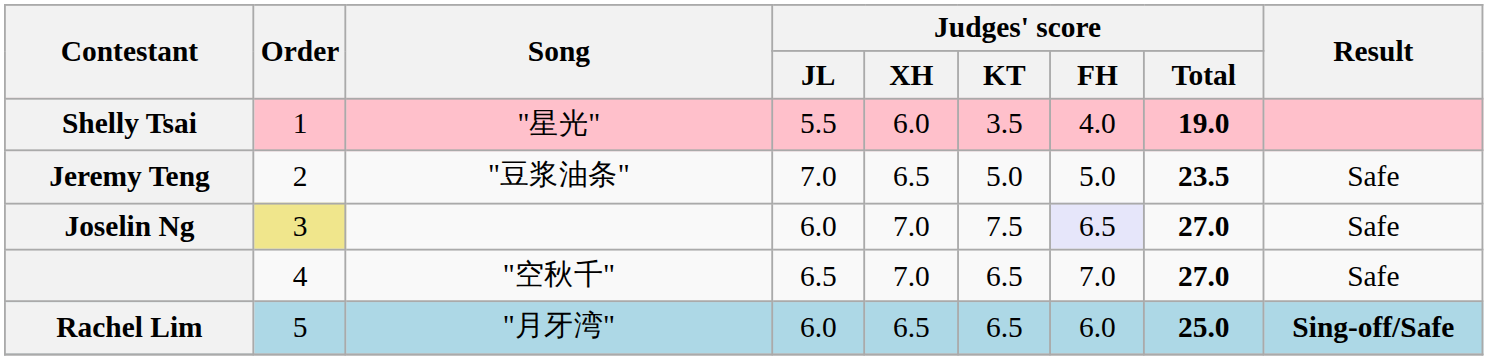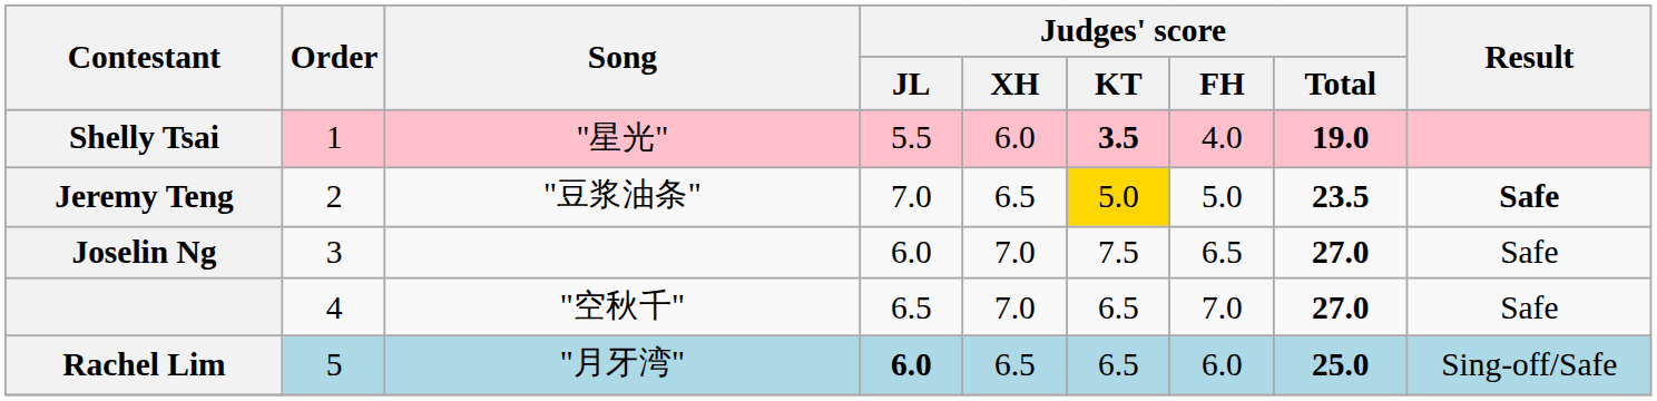 <table class="wikitable plainrowheaders" style="text-align:center;">
 <tr>
 <th rowspan=2 scope="col" style="width:8em;">Contestant</th>
 <th rowspan=2 scope="col">Order</th>
 <th rowspan=2 scope="col" style="width:14em;">Song</th>
 <th colspan=5 scope="col">Judges' score</th>
 <th rowspan=2 scope="col" style="width:7em;">Result</th>
 </tr>
 <tr>
 <th style="width:2.7em;">JL</th>
 <th style="width:2.7em;">XH</th>
 <th style="width:2.7em;">KT</th>
 <th style="width:2.7em;">FH</th>
 <th style="width:3.6em;">Total</th>
 </tr>
 <tr style="background:pink;">
 <th scope="row">Shelly Tsai</th>
 <td>1</td>
 <td>"星光"</td>
 <td>5.5</td>
 <td>6.0</td>
-<td>3.5</td>
+<td><strong>3.5</strong></td>
 <td>4.0</td>
 <td><strong>19.0</strong></td>
 <td></td>
 </tr>
 <tr>
 <th scope="row">Jeremy Teng</th>
 <td>2</td>
 <td>"豆浆油条"</td>
 <td>7.0</td>
 <td>6.5</td>
-<td>5.0</td>
+<td style="background: gold;">5.0</td>
 <td>5.0</td>
 <td><strong>23.5</strong></td>
-<td>Safe</td>
+<td><strong>Safe</strong></td>
 </tr>
 <tr>
 <th scope="row">Joselin Ng</th>
-<td style="background: khaki;">3</td>
+<td>3</td>
 <td></td>
 <td>6.0</td>
 <td>7.0</td>
 <td>7.5</td>
-<td style="background: lavender;">6.5</td>
+<td>6.5</td>
 <td><strong>27.0</strong></td>
 <td>Safe</td>
 </tr>
 <tr>
 <th scope="row"></th>
 <td>4</td>
 <td>"空秋千"</td>
 <td>6.5</td>
 <td>7.0</td>
 <td>6.5</td>
 <td>7.0</td>
 <td><strong>27.0</strong></td>
 <td>Safe</td>
 </tr>
 <tr style="background:lightblue;">
 <th scope="row">Rachel Lim</th>
 <td>5</td>
 <td>"月牙湾"</td>
-<td>6.0</td>
+<td><strong>6.0</strong></td>
 <td>6.5</td>
 <td>6.5</td>
 <td>6.0</td>
 <td><strong>25.0</strong></td>
-<td><strong>Sing-off/Safe</strong></td>
+<td>Sing-off/Safe</td>
 </tr>
 <tr>
 </tr>
 </table>
